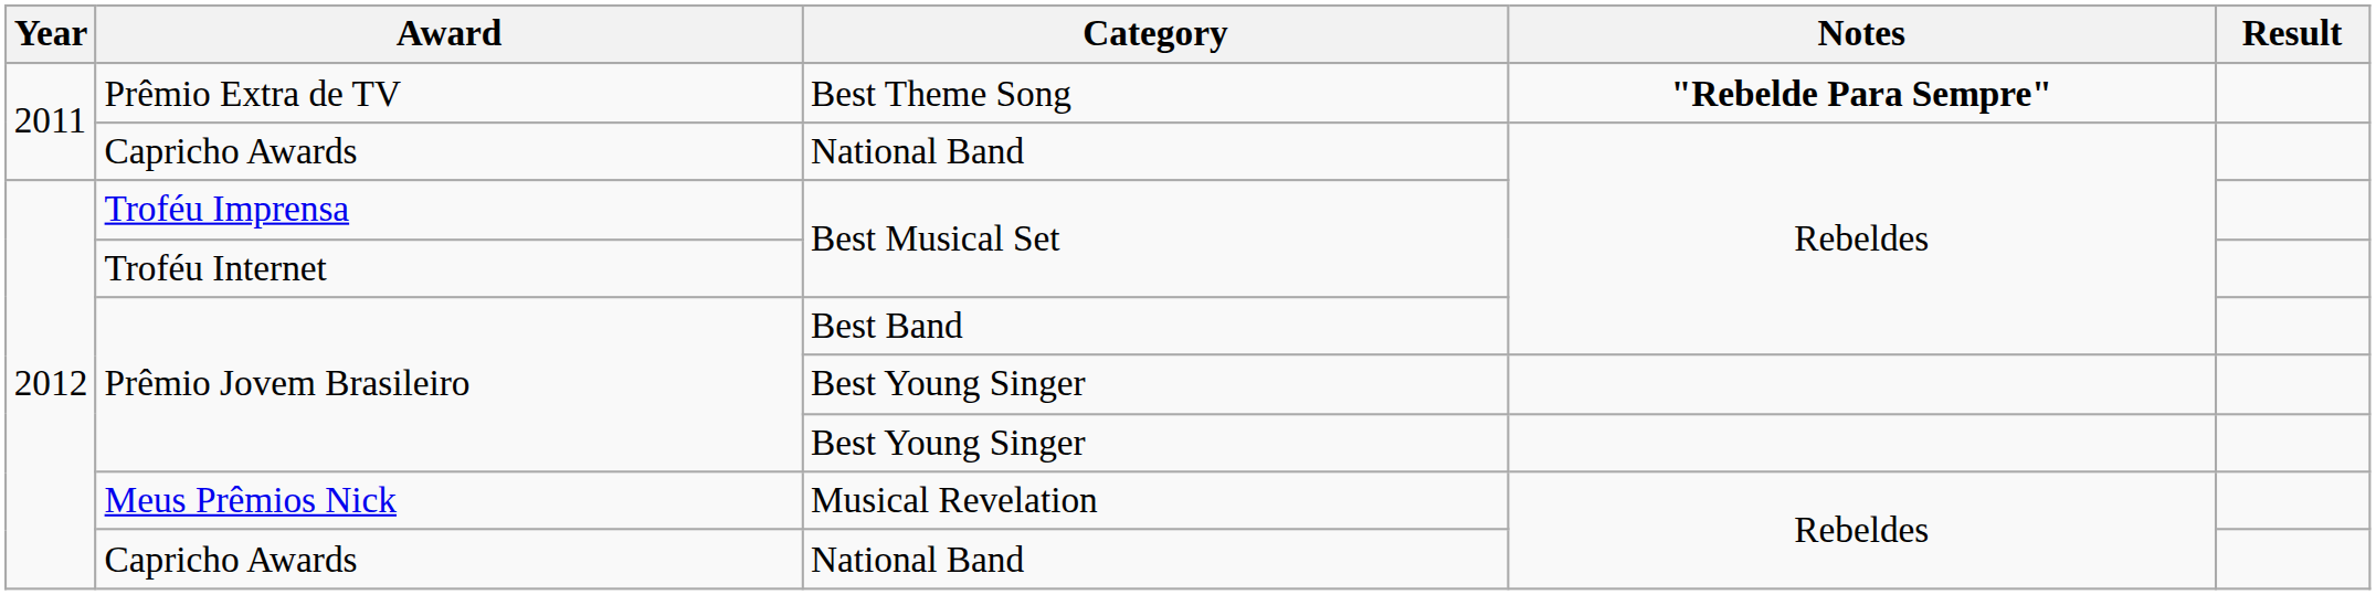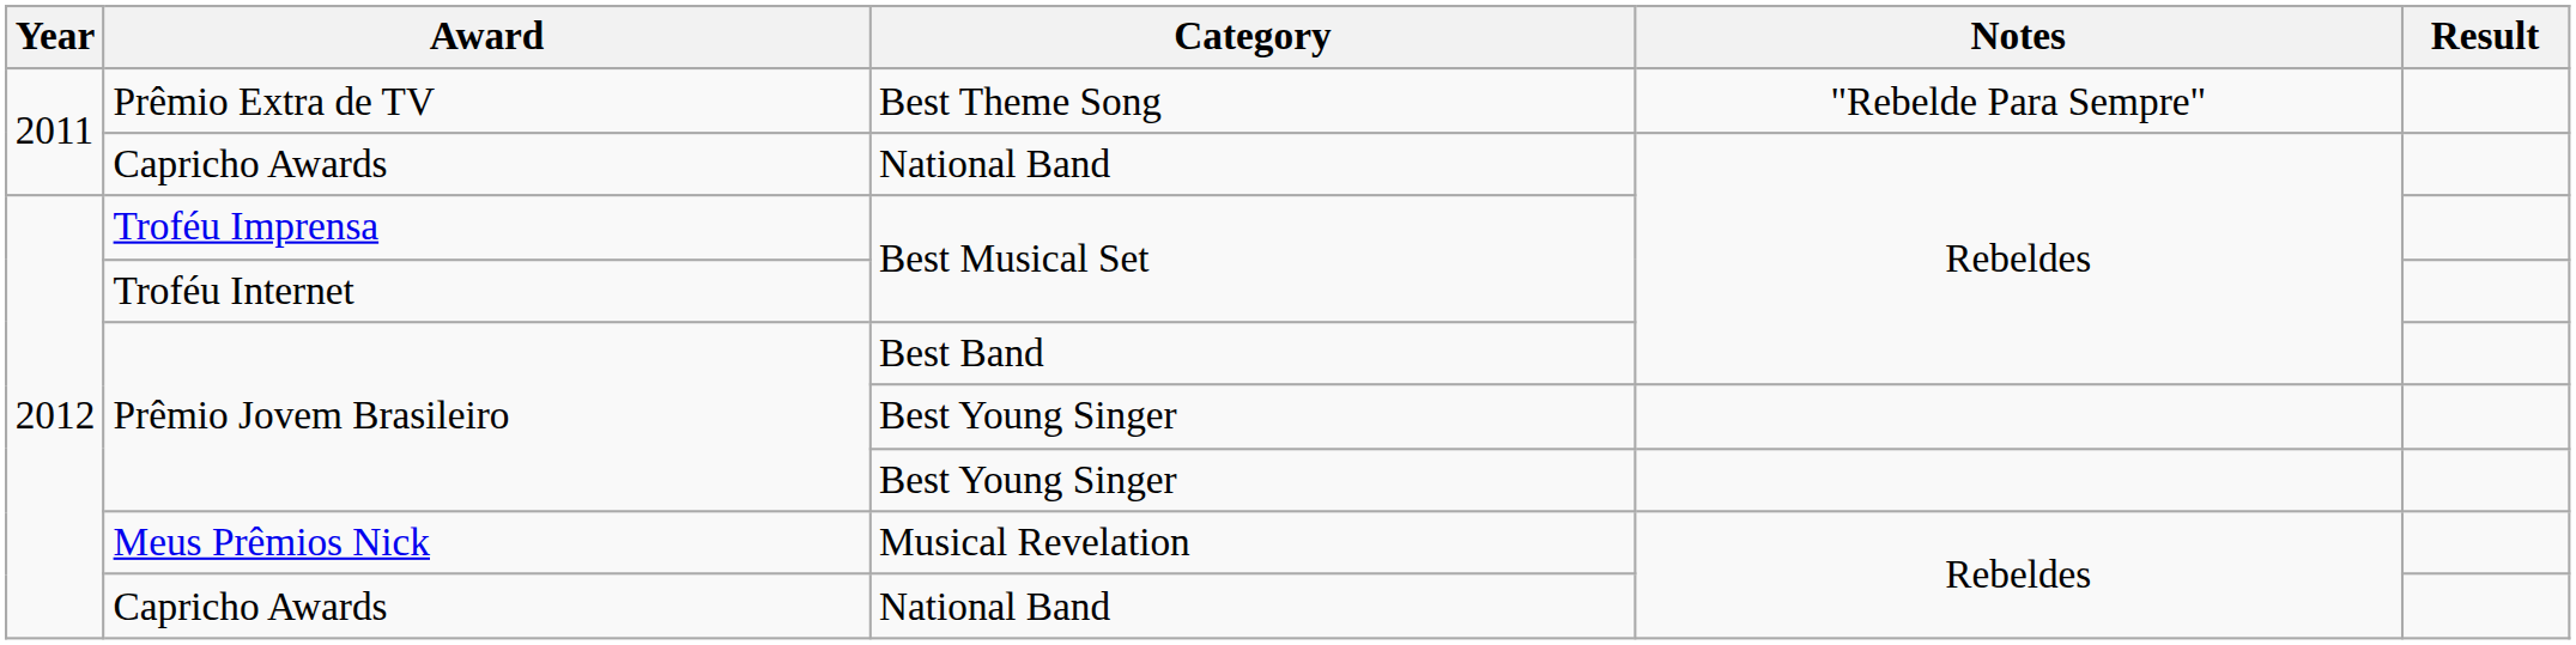 <table class="wikitable">
 <tr>
 <th width="20">Year</th>
 <th width="300">Award</th>
 <th width="300">Category</th>
 <th width="300">Notes</th>
 <th width="60">Result</th>
 </tr>
 <tr>
 <td rowspan="2">2011</td>
 <td>Prêmio Extra de TV</td>
 <td>Best Theme Song</td>
-<td style="text-align:center;"><strong>"Rebelde Para Sempre"</strong></td>
+<td style="text-align:center;">"Rebelde Para Sempre"</td>
 <td></td>
 </tr>
 <tr>
 <td>Capricho Awards</td>
 <td>National Band</td>
 <td style="text-align:center;" rowspan=4>Rebeldes</td>
 <td></td>
 </tr>
 <tr>
 <td rowspan="7">2012</td>
 <td><a href='#'>Troféu Imprensa</a></td>
 <td rowspan="2">Best Musical Set</td>
 <td></td>
 </tr>
 <tr>
 <td>Troféu Internet</td>
 <td></td>
 </tr>
 <tr>
 <td rowspan=3>Prêmio Jovem Brasileiro</td>
 <td>Best Band</td>
 <td></td>
 </tr>
 <tr>
 <td>Best Young Singer</td>
 <td></td>
 <td></td>
 </tr>
 <tr>
 <td>Best Young Singer</td>
 <td></td>
 <td></td>
 </tr>
 <tr>
 <td><a href='#'>Meus Prêmios Nick</a></td>
 <td>Musical Revelation</td>
 <td style="text-align:center;" rowspan=2>Rebeldes</td>
 <td></td>
 </tr>
 <tr>
 <td>Capricho Awards</td>
 <td>National Band</td>
 <td></td>
 </tr>
 </table>
